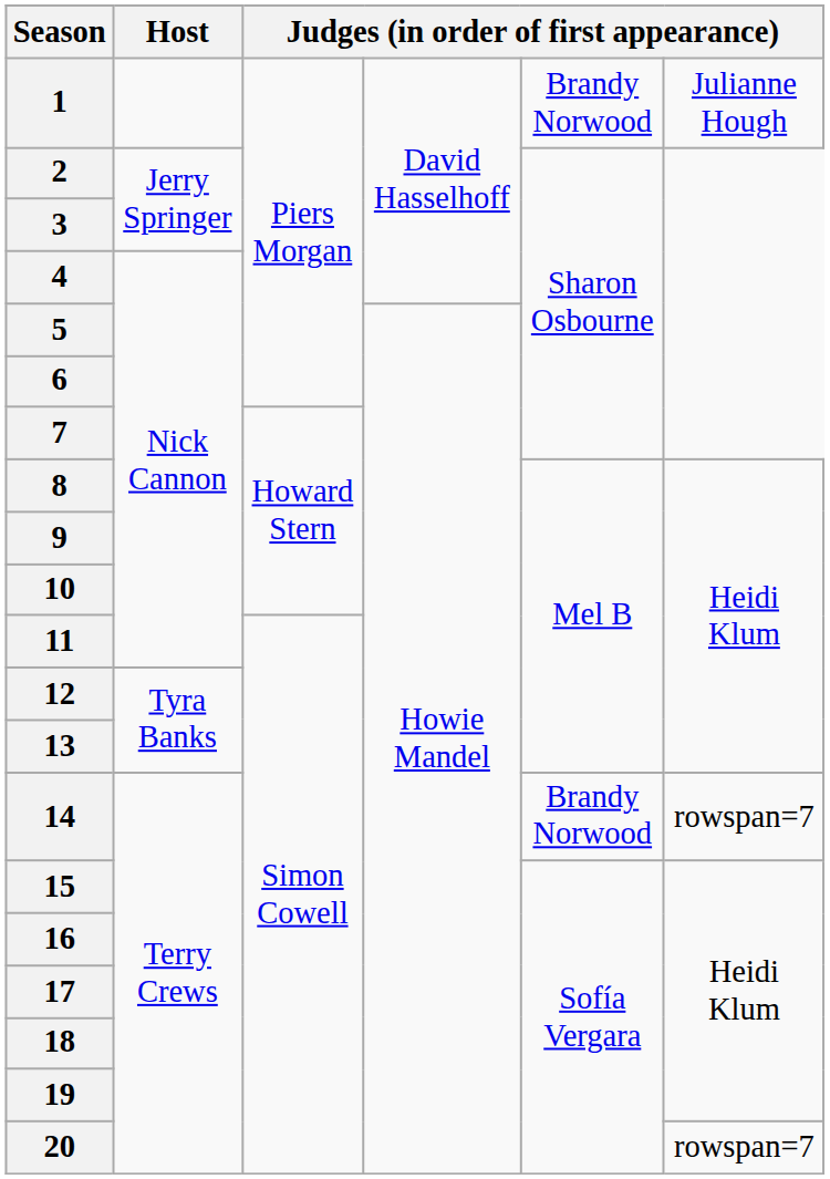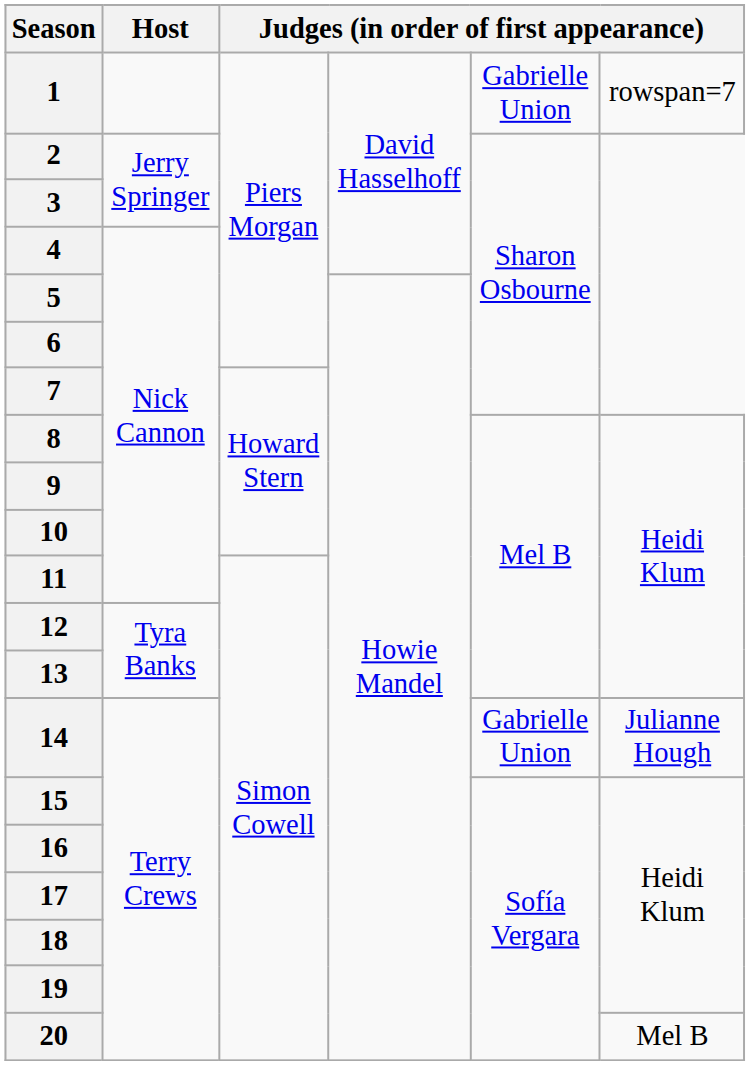 <table class="wikitable" style="margin-left: auto; margin-right: auto; border: none; text-align:center; font-size:90%; width: 60%;">
 <tr>
 <th>Season</th>
 <th>Host</th>
 <th colspan="4">Judges (in order of first appearance)</th>
 </tr>
 <tr>
 <th scope="row">1</th>
 <td></td>
 <td rowspan="6"><a href='#'>Piers Morgan</a></td>
 <td rowspan="4"><a href='#'>David Hasselhoff</a></td>
-<td><a href='#'>Brandy Norwood</a></td>
-<td><a href='#'>Julianne Hough</a></td>
+<td><a href='#'>Gabrielle Union</a></td>
+<td>rowspan=7 </td>
 </tr>
 <tr>
 <th scope="row">2</th>
 <td rowspan="2"><a href='#'>Jerry Springer</a></td>
 <td rowspan="6"><a href='#'>Sharon Osbourne</a></td>
 </tr>
 <tr>
 <th scope="row">3</th>
 </tr>
 <tr>
 <th scope="row">4</th>
 <td rowspan="8"><a href='#'>Nick Cannon</a></td>
 </tr>
 <tr>
 <th scope="row">5</th>
 <td rowspan="16"><a href='#'>Howie Mandel</a></td>
 </tr>
 <tr>
 <th scope="row">6</th>
 </tr>
 <tr>
 <th scope="row">7</th>
 <td rowspan="4"><a href='#'>Howard Stern</a></td>
 </tr>
 <tr>
 <th scope="row">8</th>
 <td rowspan="6"><a href='#'>Mel B</a></td>
 <td rowspan="6"><a href='#'>Heidi Klum</a></td>
 </tr>
 <tr>
 <th scope="row">9</th>
 </tr>
 <tr>
 <th scope="row">10</th>
 </tr>
 <tr>
 <th scope="row">11</th>
 <td rowspan="10"><a href='#'>Simon Cowell</a></td>
 </tr>
 <tr>
 <th scope="row">12</th>
 <td rowspan="2"><a href='#'>Tyra Banks</a></td>
 </tr>
 <tr>
 <th scope="row">13</th>
 </tr>
 <tr>
 <th scope="row">14</th>
 <td rowspan="7"><a href='#'>Terry Crews</a></td>
-<td><a href='#'>Brandy Norwood</a></td>
-<td>rowspan=7 </td>
+<td><a href='#'>Gabrielle Union</a></td>
+<td><a href='#'>Julianne Hough</a></td>
 </tr>
 <tr>
 <th scope="row">15</th>
 <td rowspan="6"><a href='#'>Sofía Vergara</a></td>
 <td rowspan="5">Heidi Klum</td>
 </tr>
 <tr>
 <th scope="row">16</th>
 </tr>
 <tr>
 <th scope="row">17</th>
 </tr>
 <tr>
 <th scope="row">18</th>
 </tr>
 <tr>
 <th scope="row">19</th>
 </tr>
 <tr>
 <th scope="row">20</th>
-<td>rowspan=7 </td>
+<td>Mel B</td>
 </tr>
 </table>
